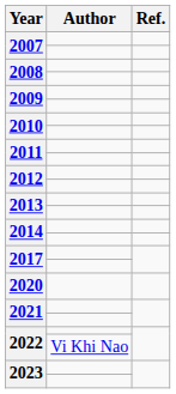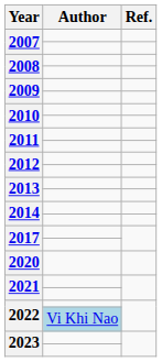 <table class="wikitable sortable">
 <tr>
 <th>Year</th>
 <th>Author</th>
 <th>Ref.</th>
 </tr>
 <tr>
 <th rowspan="2"><a href='#'>2007</a></th>
 <td></td>
 <td></td>
 </tr>
 <tr>
 <td></td>
 <td></td>
 </tr>
 <tr>
 <th rowspan="2"><a href='#'>2008</a></th>
 <td></td>
 <td></td>
 </tr>
 <tr>
 <td></td>
 <td></td>
 </tr>
 <tr>
 <th rowspan="2"><a href='#'>2009</a></th>
 <td></td>
 <td></td>
 </tr>
 <tr>
 <td></td>
 <td></td>
 </tr>
 <tr>
 <th rowspan="2"><a href='#'>2010</a></th>
 <td></td>
 <td></td>
 </tr>
 <tr>
 <td></td>
 <td></td>
 </tr>
 <tr>
 <th rowspan="2"><a href='#'>2011</a></th>
 <td></td>
 <td></td>
 </tr>
 <tr>
 <td></td>
 <td></td>
 </tr>
 <tr>
 <th rowspan="2"><a href='#'>2012</a></th>
 <td></td>
 <td></td>
 </tr>
 <tr>
 <td></td>
 <td></td>
 </tr>
 <tr>
 <th rowspan="2"><a href='#'>2013</a></th>
 <td></td>
 <td></td>
 </tr>
 <tr>
 <td></td>
 <td></td>
 </tr>
 <tr>
 <th rowspan="2"><a href='#'>2014</a></th>
 <td></td>
 <td></td>
 </tr>
 <tr>
 <td></td>
 <td></td>
 </tr>
 <tr>
 <th rowspan="2"><a href='#'>2017</a></th>
 <td></td>
 <td rowspan="2"></td>
 </tr>
 <tr>
 <td></td>
 </tr>
 <tr>
 <th><a href='#'>2020</a></th>
 <td></td>
 <td></td>
 </tr>
 <tr>
 <th rowspan="2"><a href='#'>2021</a></th>
 <td></td>
 <td rowspan="2"></td>
 </tr>
 <tr>
 <td></td>
 </tr>
 <tr>
 <th rowspan="2">2022</th>
 <td></td>
 <td rowspan="2"></td>
 </tr>
 <tr>
-<td><a href='#'>Vi Khi Nao</a></td>
+<td style="background: lightblue;"><a href='#'>Vi Khi Nao</a></td>
 </tr>
 <tr>
 <th rowspan="2">2023</th>
 <td></td>
 <td rowspan="2"></td>
 </tr>
 <tr>
 <td></td>
 </tr>
 </table>
